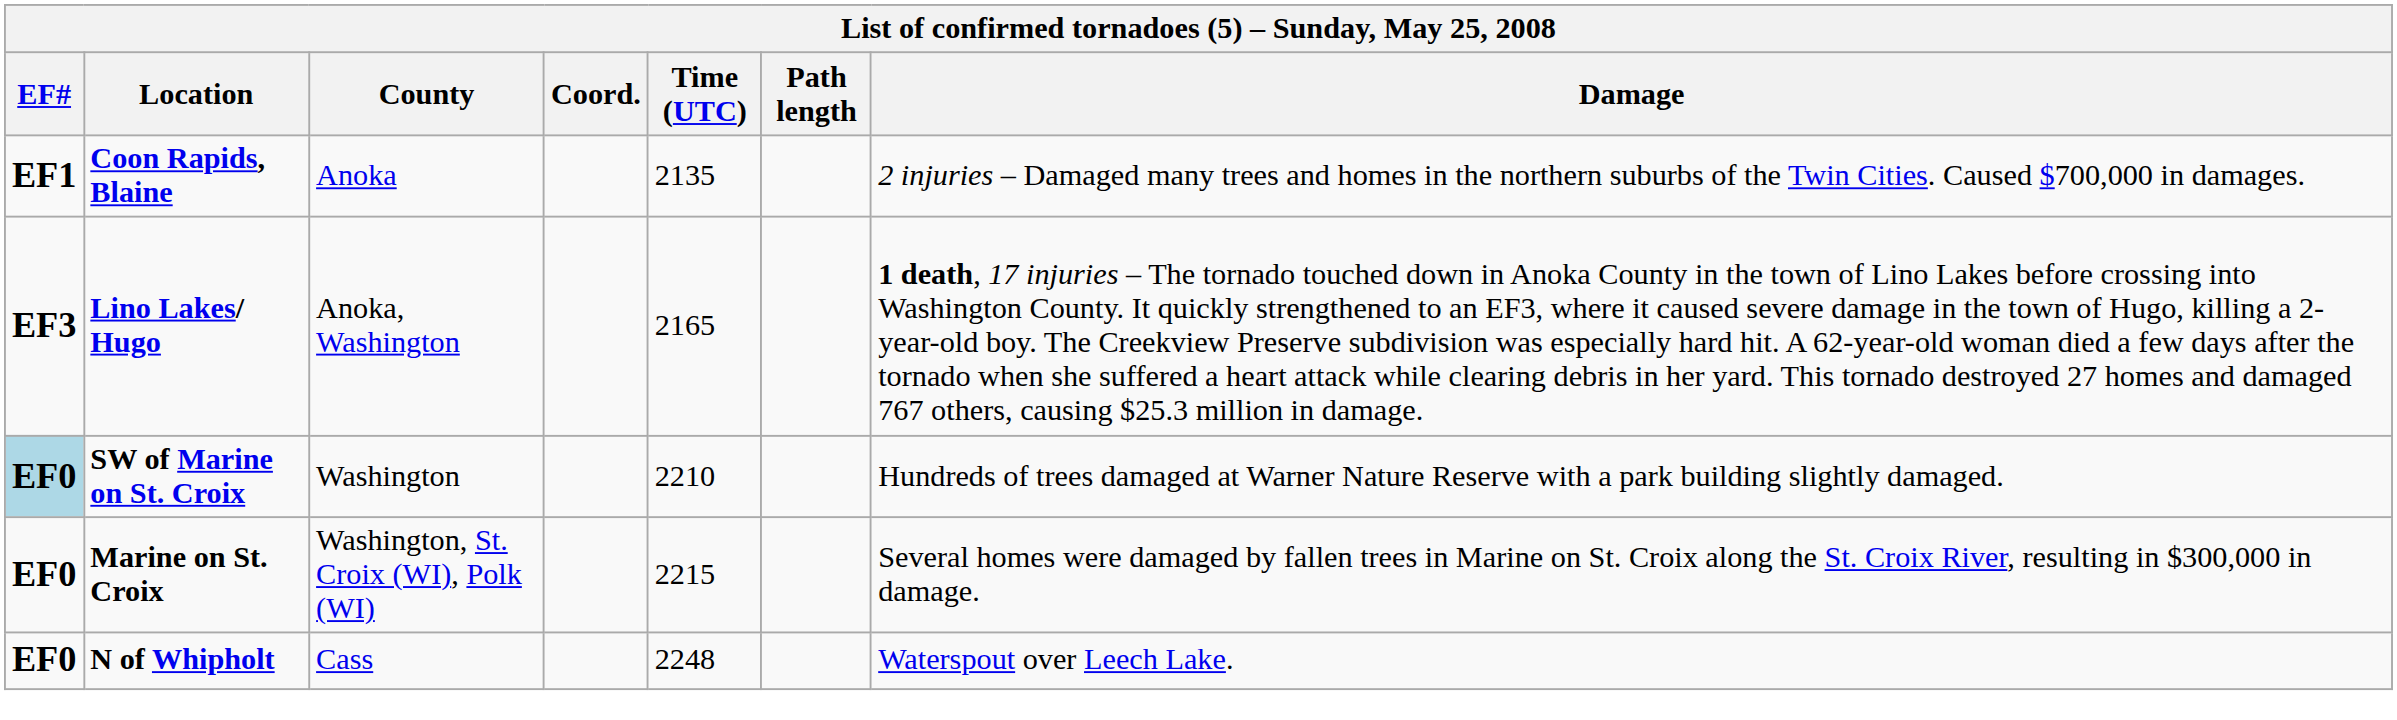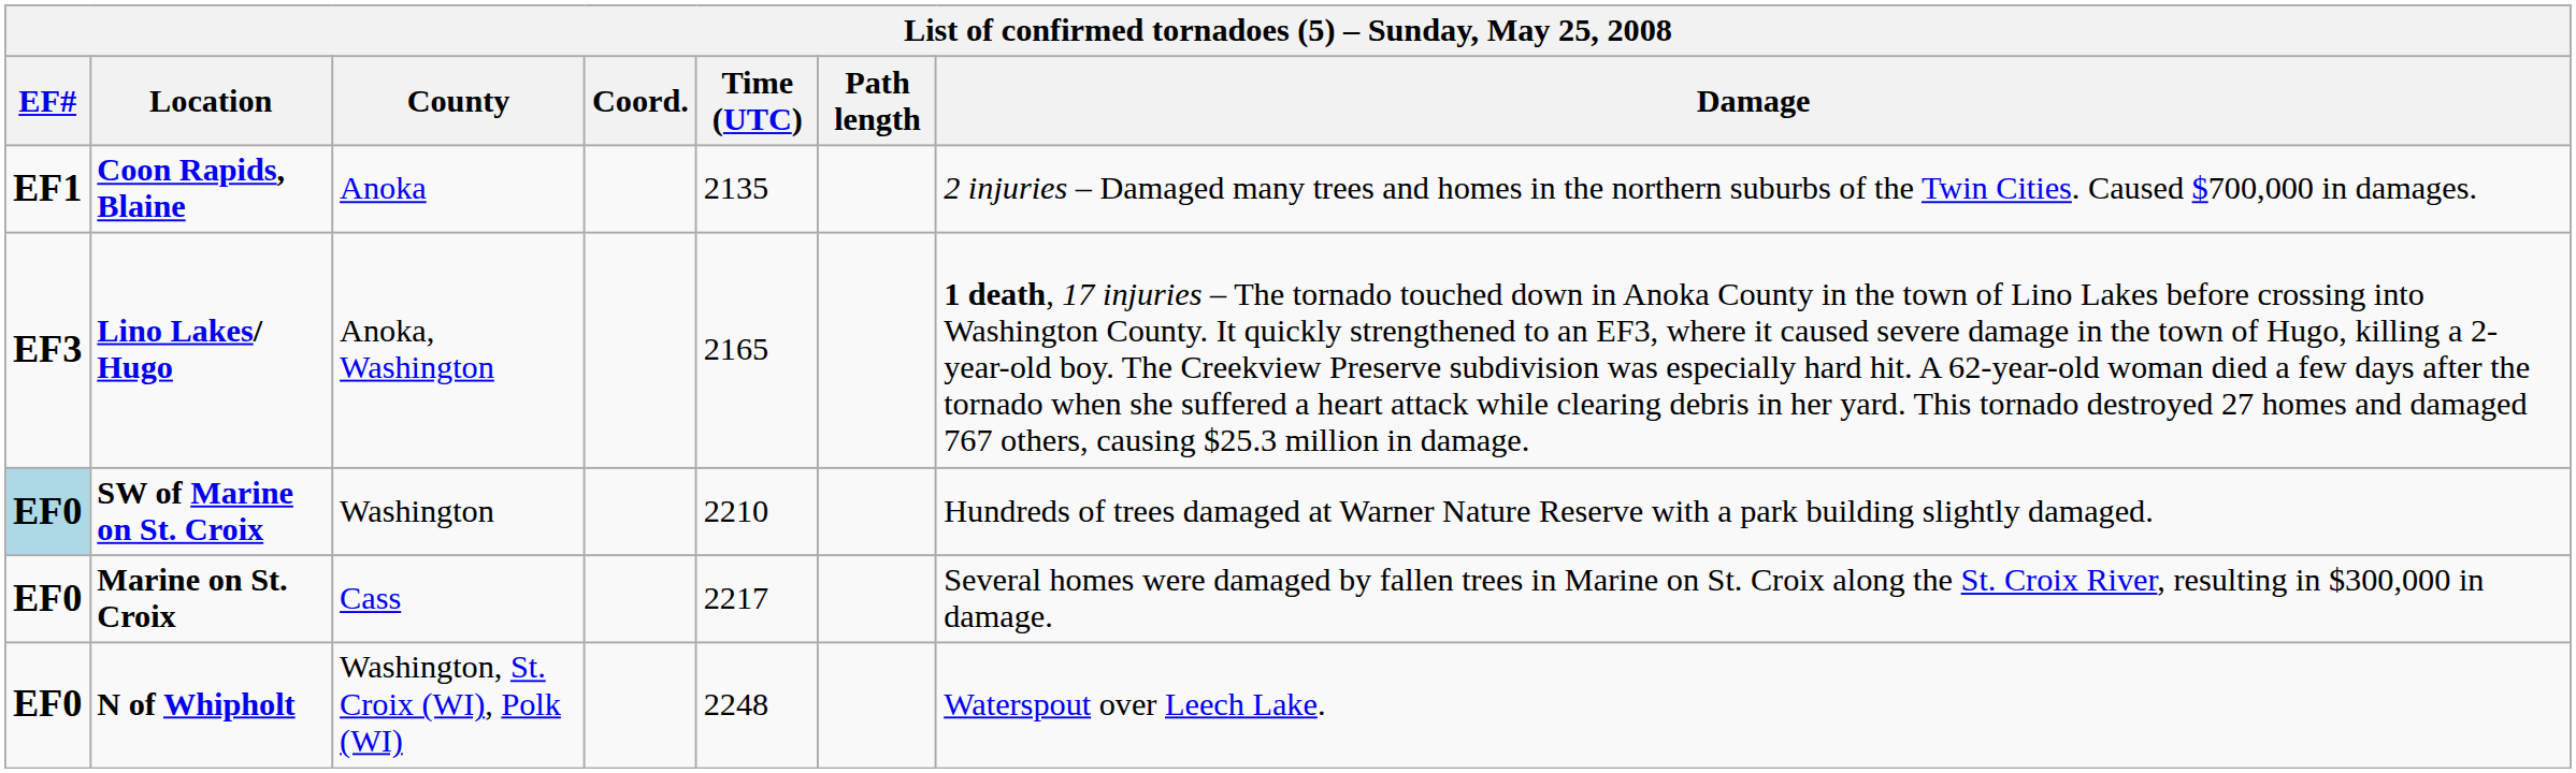 <table class="wikitable collapsible" width="100%">
 <tr>
 <th colspan="7">List of confirmed tornadoes (5) – Sunday, May 25, 2008</th>
 </tr>
 <tr>
 <th><a href='#'>EF#</a></th>
 <th>Location</th>
 <th>County</th>
 <th>Coord.</th>
 <th>Time (<a href='#'>UTC</a>)</th>
 <th>Path length</th>
 <th>Damage</th>
 </tr>
 <tr>
 <td><big><strong>EF1</strong></big></td>
 <td><strong><a href='#'>Coon Rapids</a>, <a href='#'>Blaine</a></strong></td>
 <td><a href='#'>Anoka</a></td>
 <td></td>
 <td>2135</td>
 <td></td>
 <td><em>2 injuries</em> – Damaged many trees and homes in the northern suburbs of the <a href='#'>Twin Cities</a>. Caused  <a href='#'>$</a>700,000 in damages.</td>
 </tr>
 <tr>
 <td><big><strong>EF3</strong></big></td>
 <td><strong><a href='#'>Lino Lakes</a>/<br><a href='#'>Hugo</a></strong></td>
 <td>Anoka, <a href='#'>Washington</a></td>
 <td></td>
 <td>2165</td>
 <td></td>
 <td> <br><strong>1 death</strong>, <em>17 injuries</em> – The tornado touched down in Anoka County in the town of Lino Lakes before crossing into Washington County.  It quickly strengthened to an EF3, where it caused severe damage in the town of Hugo, killing a 2-year-old boy. The Creekview Preserve subdivision was especially hard hit. A 62-year-old woman died a few days after the tornado when she suffered a heart attack while clearing debris in her yard. This tornado destroyed 27 homes and damaged 767 others, causing $25.3 million in damage.</td>
 </tr>
 <tr>
 <td style="background: lightblue;"><big><strong>EF0</strong></big></td>
 <td><strong>SW of <a href='#'>Marine on St. Croix</a></strong></td>
 <td>Washington</td>
 <td></td>
 <td>2210</td>
 <td></td>
 <td>Hundreds of trees damaged at Warner Nature Reserve with a park building slightly damaged.</td>
 </tr>
 <tr>
 <td><big><strong>EF0</strong></big></td>
 <td><strong>Marine on St. Croix</strong></td>
-<td>Washington, <a href='#'>St. Croix (WI)</a>, <a href='#'>Polk (WI)</a></td>
+<td><a href='#'>Cass</a></td>
 <td></td>
-<td>2215</td>
+<td>2217</td>
 <td></td>
 <td>Several homes were damaged by fallen trees in Marine on St. Croix along the <a href='#'>St. Croix River</a>, resulting in $300,000 in damage.</td>
 </tr>
 <tr>
 <td><big><strong>EF0</strong></big></td>
 <td><strong>N of <a href='#'>Whipholt</a></strong></td>
-<td><a href='#'>Cass</a></td>
+<td>Washington, <a href='#'>St. Croix (WI)</a>, <a href='#'>Polk (WI)</a></td>
 <td></td>
 <td>2248</td>
 <td></td>
 <td><a href='#'>Waterspout</a> over <a href='#'>Leech Lake</a>.</td>
 </tr>
 </table>
